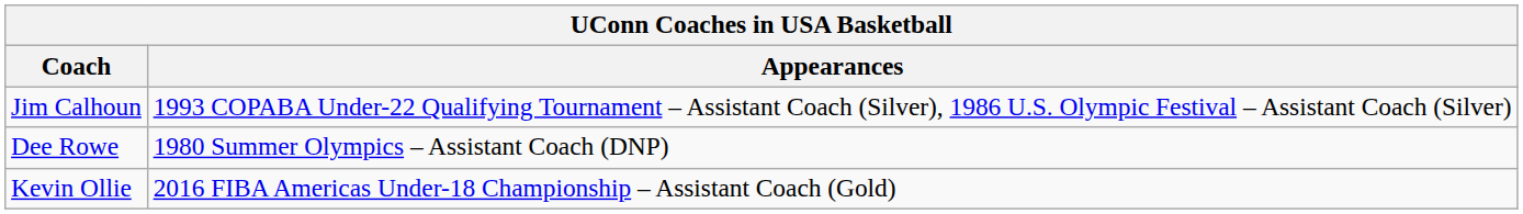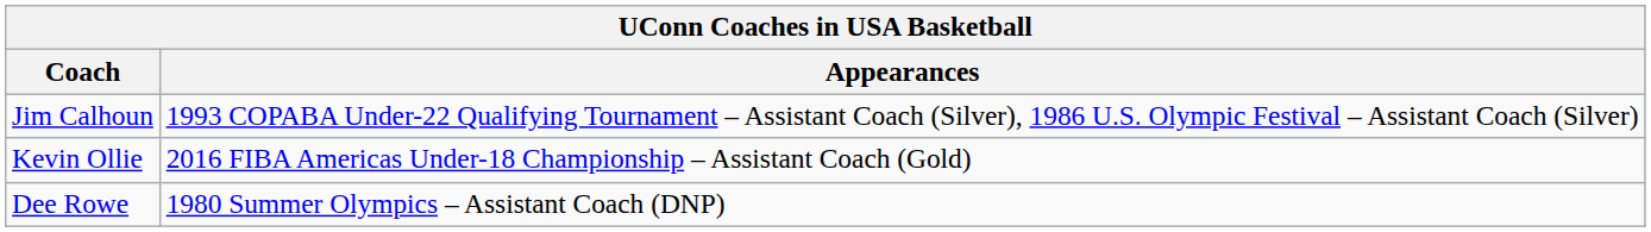 <table class="wikitable">
 <tr>
 <th colspan="2">UConn Coaches in USA Basketball</th>
 </tr>
 <tr>
 <th>Coach</th>
 <th>Appearances</th>
 </tr>
 <tr>
 <td><a href='#'>Jim Calhoun</a></td>
 <td><a href='#'>1993 COPABA Under-22 Qualifying Tournament</a> – Assistant Coach (Silver), <a href='#'>1986 U.S. Olympic Festival</a> – Assistant Coach (Silver)</td>
 </tr>
 <tr>
+<td><a href='#'>Kevin Ollie</a></td>
+<td><a href='#'>2016 FIBA Americas Under-18 Championship</a> – Assistant Coach (Gold)</td>
+</tr>
+<tr>
 <td><a href='#'>Dee Rowe</a></td>
 <td><a href='#'>1980 Summer Olympics</a> – Assistant Coach (DNP)</td>
 </tr>
-<tr>
-<td><a href='#'>Kevin Ollie</a></td>
-<td><a href='#'>2016 FIBA Americas Under-18 Championship</a> – Assistant Coach (Gold)</td>
-</tr>
 </table>
